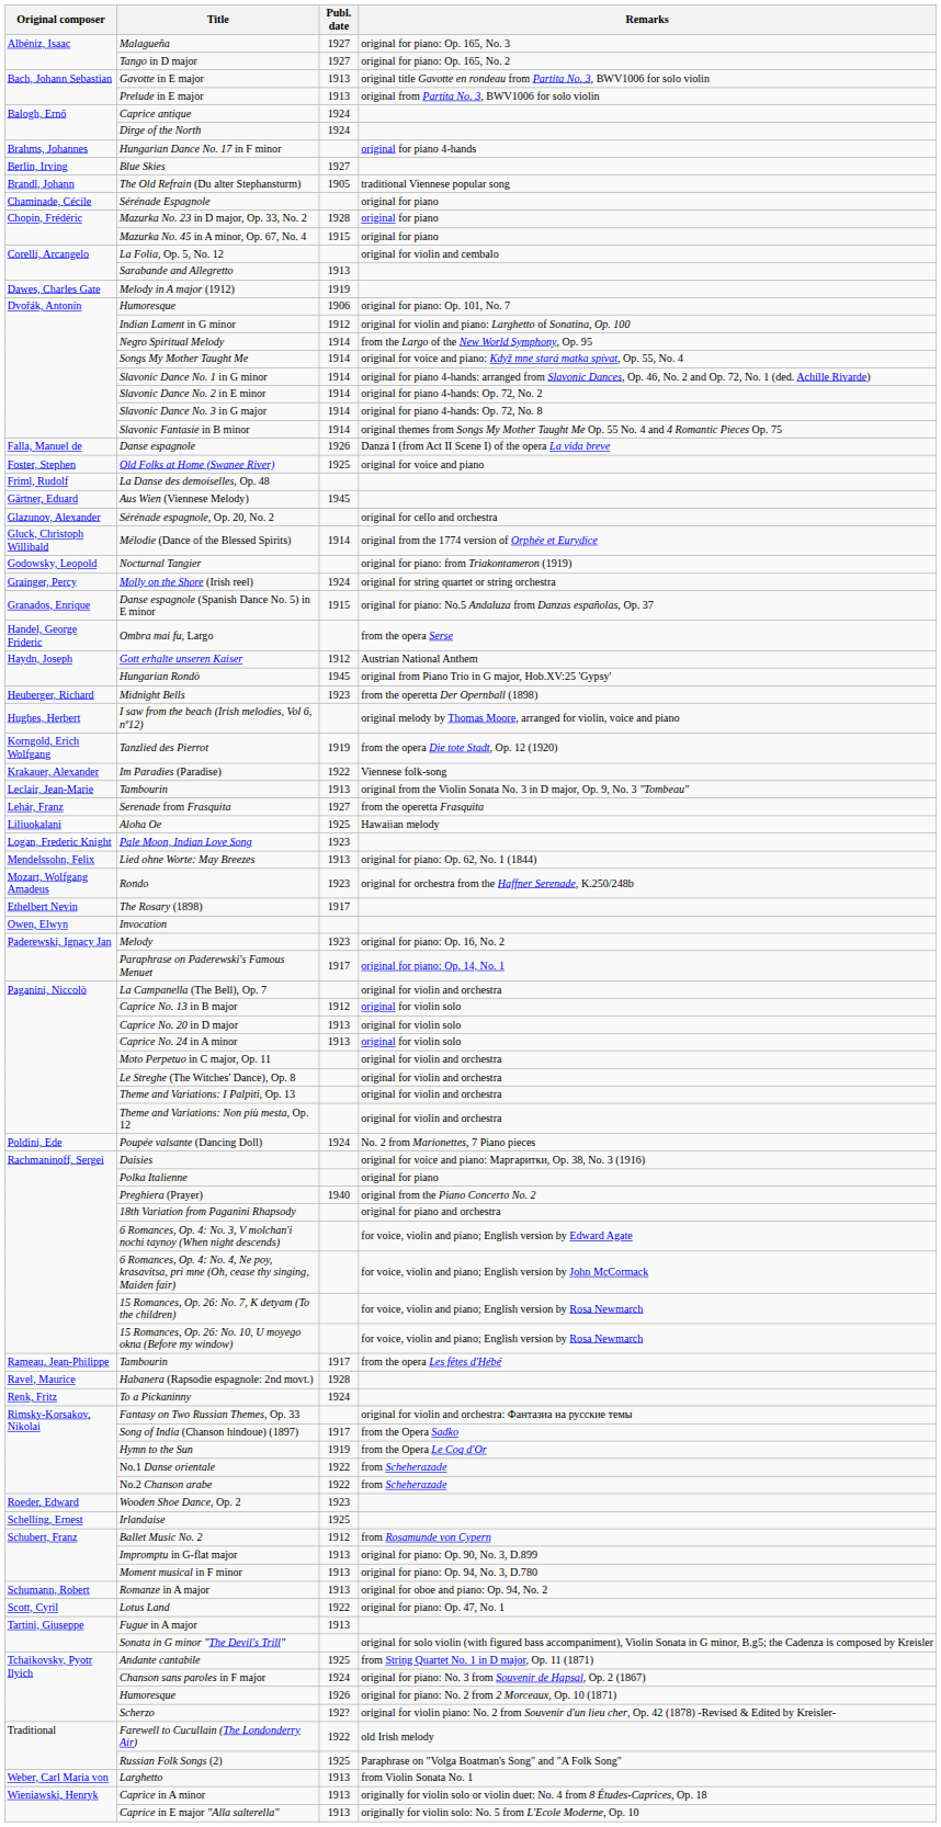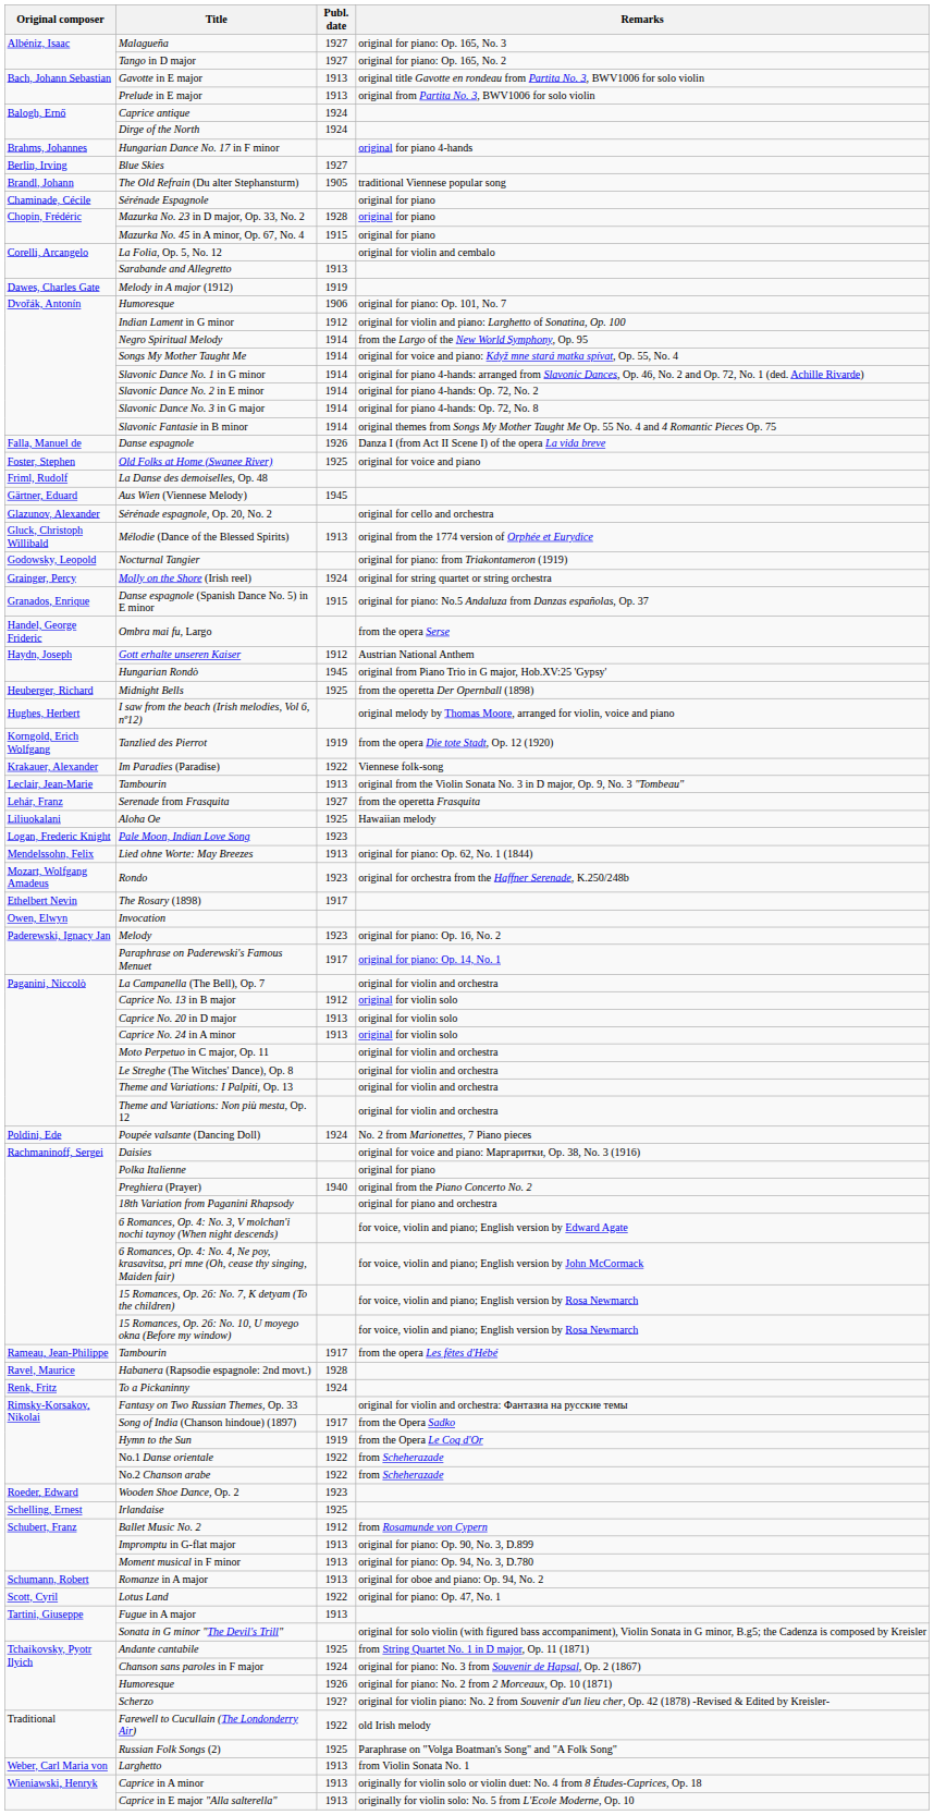 <table class="wikitable sortable" style="margins:auto; width=95%;">
 <tr>
 <th width="155">Original composer</th>
 <th width="285">Title</th>
 <th width="50">Publ.<br>date</th>
 <th>Remarks</th>
 </tr>
 <tr>
 <td valign="top" rowspan="2"><a href='#'>Albéniz, Isaac</a></td>
 <td><em>Malagueña</em></td>
 <td align=center>1927</td>
 <td>original for piano: Op. 165, No. 3</td>
 </tr>
 <tr>
 <td><em>Tango</em> in D major</td>
 <td align=center>1927</td>
 <td>original for piano: Op. 165, No. 2</td>
 </tr>
 <tr>
 <td valign="top" rowspan="2"><a href='#'>Bach, Johann Sebastian</a></td>
 <td><em>Gavotte</em> in E major</td>
 <td align=center>1913</td>
 <td>original title <em>Gavotte en rondeau</em> from <em><a href='#'>Partita No. 3</a></em>, BWV1006 for solo violin</td>
 </tr>
 <tr>
 <td><em>Prelude</em> in E major</td>
 <td align=center>1913</td>
 <td>original from <em><a href='#'>Partita No. 3</a></em>, BWV1006 for solo violin</td>
 </tr>
 <tr>
 <td valign="top" rowspan="2"><a href='#'>Balogh, Ernő</a></td>
 <td><em>Caprice antique</em></td>
 <td align=center>1924</td>
 <td> </td>
 </tr>
 <tr>
 <td><em>Dirge of the North</em></td>
 <td align=center>1924</td>
 <td> </td>
 </tr>
 <tr>
 <td><a href='#'>Brahms, Johannes</a></td>
 <td><em>Hungarian Dance No. 17</em> in F minor</td>
 <td align=center> </td>
 <td><a href='#'>original</a> for piano 4-hands</td>
 </tr>
 <tr>
 <td><a href='#'>Berlin, Irving</a></td>
 <td><em>Blue Skies</em></td>
 <td align=center>1927</td>
 <td> </td>
 </tr>
 <tr>
 <td><a href='#'>Brandl, Johann</a></td>
 <td><em>The Old Refrain</em> (Du alter Stephansturm)</td>
 <td align=center>1905</td>
 <td>traditional Viennese popular song</td>
 </tr>
 <tr>
 <td><a href='#'>Chaminade, Cécile</a></td>
 <td><em>Sérénade Espagnole</em></td>
 <td align=center> </td>
 <td>original for piano</td>
 </tr>
 <tr>
 <td valign="top" rowspan="2"><a href='#'>Chopin, Frédéric</a></td>
 <td><em>Mazurka No. 23</em> in D major, Op. 33, No. 2</td>
 <td align=center>1928</td>
 <td><a href='#'>original</a> for piano</td>
 </tr>
 <tr>
 <td><em>Mazurka No. 45</em> in A minor, Op. 67, No. 4</td>
 <td align=center>1915</td>
 <td>original for piano</td>
 </tr>
 <tr>
 <td valign="top" rowspan="2"><a href='#'>Corelli, Arcangelo</a></td>
 <td><em>La Folia</em>, Op. 5, No. 12</td>
 <td align=center> </td>
 <td>original for violin and cembalo</td>
 </tr>
 <tr>
 <td><em>Sarabande and Allegretto</em></td>
 <td align=center>1913</td>
 <td> </td>
 </tr>
 <tr>
 <td><a href='#'>Dawes, Charles Gate</a></td>
 <td><em>Melody in A major</em> (1912)</td>
 <td align=center>1919</td>
 <td> </td>
 </tr>
 <tr>
 <td valign="top" rowspan="8"><a href='#'>Dvořák, Antonín</a></td>
 <td><em>Humoresque</em></td>
 <td align=center>1906</td>
 <td>original for piano: Op. 101, No. 7</td>
 </tr>
 <tr>
 <td><em>Indian Lament</em> in G minor</td>
 <td align=center>1912</td>
 <td>original  for violin and piano: <em>Larghetto</em> of <em>Sonatina, Op. 100</em></td>
 </tr>
 <tr>
 <td><em>Negro Spiritual Melody</em></td>
 <td align=center>1914</td>
 <td>from the <em>Largo</em> of the <em><a href='#'>New World Symphony</a></em>, Op. 95</td>
 </tr>
 <tr>
 <td><em>Songs My Mother Taught Me</em></td>
 <td align=center>1914</td>
 <td>original for voice and piano: <em><a href='#'>Když mne stará matka spívat</a></em>, Op. 55, No. 4</td>
 </tr>
 <tr>
 <td><em>Slavonic Dance No. 1</em> in G minor</td>
 <td align=center>1914</td>
 <td>original for piano 4-hands: arranged from <em><a href='#'>Slavonic Dances</a></em>, Op. 46, No. 2 and Op. 72, No. 1 (ded. <a href='#'>Achille Rivarde</a>)</td>
 </tr>
 <tr>
 <td><em>Slavonic Dance No. 2</em> in E minor</td>
 <td align=center>1914</td>
 <td>original for piano 4-hands: Op. 72, No. 2</td>
 </tr>
 <tr>
 <td><em>Slavonic Dance No. 3</em> in G major</td>
 <td align=center>1914</td>
 <td>original for piano 4-hands: Op. 72, No. 8</td>
 </tr>
 <tr>
 <td><em>Slavonic Fantasie</em> in B minor</td>
 <td align=center>1914</td>
 <td>original themes from <em>Songs My Mother Taught Me</em> Op. 55 No. 4 and <em>4 Romantic Pieces</em> Op. 75</td>
 </tr>
 <tr>
 <td><a href='#'>Falla, Manuel de</a></td>
 <td><em>Danse espagnole</em></td>
 <td align=center>1926</td>
 <td>Danza I (from Act II Scene I) of the opera <em><a href='#'>La vida breve</a></em></td>
 </tr>
 <tr>
 <td><a href='#'>Foster, Stephen</a></td>
 <td><em><a href='#'>Old Folks at Home (Swanee River)</a></em></td>
 <td align=center>1925</td>
 <td>original for voice and piano</td>
 </tr>
 <tr>
 <td><a href='#'>Friml, Rudolf</a></td>
 <td><em>La Danse des demoiselles</em>, Op. 48</td>
 <td align=center> </td>
 <td> </td>
 </tr>
 <tr>
 <td><a href='#'>Gärtner, Eduard</a></td>
 <td><em>Aus Wien</em> (Viennese Melody)</td>
 <td align=center>1945</td>
 <td> </td>
 </tr>
 <tr>
 <td><a href='#'>Glazunov, Alexander</a></td>
 <td><em>Sérénade espagnole</em>, Op. 20, No. 2</td>
 <td align=center> </td>
 <td>original for cello and orchestra</td>
 </tr>
 <tr>
 <td><a href='#'>Gluck, Christoph Willibald</a></td>
 <td><em>Mélodie</em> (Dance of the Blessed Spirits)</td>
-<td align=center>1914</td>
+<td align=center>1913</td>
 <td>original from the 1774 version of <em><a href='#'>Orphée et Eurydice</a></em></td>
 </tr>
 <tr>
 <td><a href='#'>Godowsky, Leopold</a></td>
 <td><em>Nocturnal Tangier</em></td>
 <td align=center> </td>
 <td>original for piano: from <em>Triakontameron</em> (1919)</td>
 </tr>
 <tr>
 <td><a href='#'>Grainger, Percy</a></td>
 <td><em><a href='#'>Molly on the Shore</a></em> (Irish reel)</td>
 <td align=center>1924</td>
 <td>original for string quartet or string orchestra</td>
 </tr>
 <tr>
 <td><a href='#'>Granados, Enrique</a></td>
 <td><em>Danse espagnole</em> (Spanish Dance No. 5) in E minor</td>
 <td align=center>1915</td>
 <td>original for piano: No.5 <em>Andaluza</em> from <em>Danzas españolas</em>, Op. 37</td>
 </tr>
 <tr>
 <td><a href='#'>Handel, George Frideric</a></td>
 <td><em>Ombra mai fu</em>, Largo</td>
 <td align=center> </td>
 <td>from the opera <em><a href='#'>Serse</a></em></td>
 </tr>
 <tr>
 <td valign="top" rowspan="2"><a href='#'>Haydn, Joseph</a></td>
 <td><em><a href='#'>Gott erhalte unseren Kaiser</a></em></td>
 <td align=center>1912</td>
 <td>Austrian National Anthem</td>
 </tr>
 <tr>
 <td><em>Hungarian Rondò</em></td>
 <td align=center>1945</td>
 <td>original from Piano Trio in G major, Hob.XV:25 'Gypsy'</td>
 </tr>
 <tr>
 <td><a href='#'>Heuberger, Richard</a></td>
 <td><em>Midnight Bells</em></td>
-<td align=center>1923</td>
+<td align=center>1925</td>
 <td>from the operetta <em>Der Opernball</em> (1898)</td>
 </tr>
 <tr>
 <td><a href='#'>Hughes, Herbert</a></td>
 <td><em>I saw from the beach (Irish melodies, Vol 6, nº12)</em></td>
 <td align=center> </td>
 <td>original melody by <a href='#'>Thomas Moore</a>, arranged for violin, voice and piano</td>
 </tr>
 <tr>
 <td><a href='#'>Korngold, Erich Wolfgang</a></td>
 <td><em>Tanzlied des Pierrot</em></td>
 <td align=center>1919</td>
 <td>from the opera <em><a href='#'>Die tote Stadt</a></em>, Op. 12 (1920)</td>
 </tr>
 <tr>
 <td><a href='#'>Krakauer, Alexander</a></td>
 <td><em>Im Paradies</em> (Paradise)</td>
 <td align=center>1922</td>
 <td>Viennese folk-song</td>
 </tr>
 <tr>
 <td><a href='#'>Leclair, Jean-Marie</a></td>
 <td><em>Tambourin</em></td>
 <td align=center>1913</td>
 <td>original from the Violin Sonata No. 3 in D major, Op. 9, No. 3 <em>"Tombeau"</em></td>
 </tr>
 <tr>
 <td><a href='#'>Lehár, Franz</a></td>
 <td><em>Serenade</em> from <em>Frasquita</em></td>
 <td align=center>1927</td>
 <td>from the operetta <em>Frasquita</em></td>
 </tr>
 <tr>
 <td><a href='#'>Liliuokalani</a></td>
 <td><em>Aloha Oe</em></td>
 <td align=center>1925</td>
 <td>Hawaiian melody</td>
 </tr>
 <tr>
 <td><a href='#'>Logan, Frederic Knight</a></td>
 <td><em><a href='#'>Pale Moon, Indian Love Song</a></em></td>
 <td align=center>1923</td>
 <td> </td>
 </tr>
 <tr>
 <td><a href='#'>Mendelssohn, Felix</a></td>
 <td><em>Lied ohne Worte: May Breezes</em></td>
 <td align=center>1913</td>
 <td>original for piano: Op. 62, No. 1 (1844)</td>
 </tr>
 <tr>
 <td><a href='#'>Mozart, Wolfgang Amadeus</a></td>
 <td><em>Rondo</em></td>
 <td align=center>1923</td>
 <td>original for orchestra from the <em><a href='#'>Haffner Serenade</a></em>, K.250/248b</td>
 </tr>
 <tr>
 <td><a href='#'>Ethelbert Nevin</a></td>
 <td><em>The Rosary</em> (1898)</td>
 <td align=center>1917</td>
 <td> </td>
 </tr>
 <tr>
 <td><a href='#'>Owen, Elwyn</a></td>
 <td><em>Invocation</em></td>
 <td align=center> </td>
 <td> </td>
 </tr>
 <tr>
 <td valign="top" rowspan="2"><a href='#'>Paderewski, Ignacy Jan</a></td>
 <td><em>Melody</em></td>
 <td align=center>1923</td>
 <td>original for piano: Op. 16, No. 2</td>
 </tr>
 <tr>
 <td><em>Paraphrase on Paderewski's Famous Menuet</em></td>
 <td align=center>1917</td>
 <td><a href='#'>original for piano: Op. 14, No. 1</a></td>
 </tr>
 <tr>
 <td valign="top" rowspan="8"><a href='#'>Paganini, Niccolò</a></td>
 <td><em>La Campanella</em> (The Bell), Op. 7</td>
 <td align=center> </td>
 <td>original for violin and orchestra</td>
 </tr>
 <tr>
 <td><em>Caprice No. 13</em> in B major</td>
 <td align=center>1912</td>
 <td><a href='#'>original</a> for violin solo</td>
 </tr>
 <tr>
 <td><em>Caprice No. 20</em> in D major</td>
 <td align=center>1913</td>
 <td>original for violin solo</td>
 </tr>
 <tr>
 <td><em>Caprice No. 24</em> in A minor</td>
 <td align=center>1913</td>
 <td><a href='#'>original</a> for violin solo</td>
 </tr>
 <tr>
 <td><em>Moto Perpetuo</em> in C major, Op. 11</td>
 <td align=center> </td>
 <td>original for violin and orchestra</td>
 </tr>
 <tr>
 <td><em>Le Streghe</em> (The Witches' Dance), Op. 8</td>
 <td align=center> </td>
 <td>original for violin and orchestra</td>
 </tr>
 <tr>
 <td><em>Theme and Variations: I Palpiti</em>, Op. 13</td>
 <td align=center> </td>
 <td>original for violin and orchestra</td>
 </tr>
 <tr>
 <td><em>Theme and Variations: Non più mesta</em>, Op. 12</td>
 <td align=center> </td>
 <td>original for violin and orchestra</td>
 </tr>
 <tr>
 <td><a href='#'>Poldini, Ede</a></td>
 <td><em>Poupée valsante</em> (Dancing Doll)</td>
 <td align=center>1924</td>
 <td>No. 2 from <em>Marionettes</em>, 7 Piano pieces</td>
 </tr>
 <tr>
 <td valign="top" rowspan="8"><a href='#'>Rachmaninoff, Sergei</a></td>
 <td><em>Daisies</em></td>
 <td align=center> </td>
 <td>original for voice and piano: Маргаритки, Op. 38, No. 3 (1916)</td>
 </tr>
 <tr>
 <td><em>Polka Italienne</em></td>
 <td align=center> </td>
 <td>original for piano</td>
 </tr>
 <tr>
 <td><em>Preghiera</em> (Prayer)</td>
 <td align=center>1940</td>
 <td>original from the <em>Piano Concerto No. 2</em></td>
 </tr>
 <tr>
 <td><em>18th Variation from Paganini Rhapsody</em></td>
 <td align=center> </td>
 <td>original for piano and orchestra</td>
 </tr>
 <tr>
 <td><em>6 Romances, Op. 4: No. 3, V molchan'i nochi taynoy (When night descends)</em></td>
 <td align=center> </td>
 <td>for voice, violin and piano; English version by <a href='#'>Edward Agate</a></td>
 </tr>
 <tr>
 <td><em>6 Romances, Op. 4: No. 4, Ne poy, krasavitsa, pri mne (Oh, cease thy singing, Maiden fair)</em></td>
 <td align=center> </td>
 <td>for voice, violin and piano; English version by <a href='#'>John McCormack</a></td>
 </tr>
 <tr>
 <td><em>15 Romances, Op. 26: No. 7, K detyam (To the children)</em></td>
 <td align=center> </td>
 <td>for voice, violin and piano; English version by <a href='#'>Rosa Newmarch</a></td>
 </tr>
 <tr>
 <td><em>15 Romances, Op. 26: No. 10, U moyego okna (Before my window)</em></td>
 <td align=center> </td>
 <td>for voice, violin and piano; English version by <a href='#'>Rosa Newmarch</a></td>
 </tr>
 <tr>
 <td><a href='#'>Rameau, Jean-Philippe</a></td>
 <td><em>Tambourin</em></td>
 <td align=center>1917</td>
 <td>from the opera <em><a href='#'>Les fêtes d'Hébé</a></em></td>
 </tr>
 <tr>
 <td><a href='#'>Ravel, Maurice</a></td>
 <td><em>Habanera</em> (Rapsodie espagnole: 2nd movt.)</td>
 <td align=center>1928</td>
 <td> </td>
 </tr>
 <tr>
 <td><a href='#'>Renk, Fritz</a></td>
 <td><em>To a Pickaninny</em></td>
 <td align=center>1924</td>
 <td> </td>
 </tr>
 <tr>
 <td valign="top" rowspan="5"><a href='#'>Rimsky-Korsakov, Nikolai</a></td>
 <td><em>Fantasy on Two Russian Themes</em>, Op. 33</td>
 <td align=center> </td>
 <td>original for violin and orchestra: Фантазиа на русские темы</td>
 </tr>
 <tr>
 <td><em>Song of India</em> (Chanson hindoue) (1897)</td>
 <td align=center>1917</td>
 <td>from the Opera <em><a href='#'>Sadko</a></em></td>
 </tr>
 <tr>
 <td><em>Hymn to the Sun</em></td>
 <td align=center>1919</td>
 <td>from the Opera <em><a href='#'>Le Coq d'Or</a></em></td>
 </tr>
 <tr>
 <td>No.1 <em>Danse orientale</em></td>
 <td align=center>1922</td>
 <td>from <em><a href='#'>Scheherazade</a></em></td>
 </tr>
 <tr>
 <td>No.2 <em>Chanson arabe</em></td>
 <td align=center>1922</td>
 <td>from <em><a href='#'>Scheherazade</a></em></td>
 </tr>
 <tr>
 <td><a href='#'>Roeder, Edward</a></td>
 <td><em>Wooden Shoe Dance</em>, Op. 2</td>
 <td align=center>1923</td>
 <td> </td>
 </tr>
 <tr>
 <td><a href='#'>Schelling, Ernest</a></td>
 <td><em>Irlandaise</em></td>
 <td align=center>1925</td>
 <td> </td>
 </tr>
 <tr>
 <td valign="top" rowspan="3"><a href='#'>Schubert, Franz</a></td>
 <td><em>Ballet Music No. 2</em></td>
 <td align=center>1912</td>
 <td>from <em><a href='#'>Rosamunde von Cypern</a></em></td>
 </tr>
 <tr>
 <td><em>Impromptu</em> in G-flat major</td>
 <td align=center>1913</td>
 <td>original for piano: Op. 90, No. 3, D.899</td>
 </tr>
 <tr>
 <td><em>Moment musical</em> in F minor</td>
 <td align=center>1913</td>
 <td>original for piano: Op. 94, No. 3, D.780</td>
 </tr>
 <tr>
 <td><a href='#'>Schumann, Robert</a></td>
 <td><em>Romanze</em> in A major</td>
 <td align=center>1913</td>
 <td>original for oboe and piano: Op. 94, No. 2</td>
 </tr>
 <tr>
 <td><a href='#'>Scott, Cyril</a></td>
 <td><em>Lotus Land</em></td>
 <td align=center>1922</td>
 <td>original for piano: Op. 47, No. 1</td>
 </tr>
 <tr>
 <td valign="top" rowspan="2"><a href='#'>Tartini, Giuseppe</a></td>
 <td><em>Fugue</em> in A major</td>
 <td align=center>1913</td>
 <td> </td>
 </tr>
 <tr>
 <td><em>Sonata in G minor "<a href='#'>The Devil's Trill</a>"</em></td>
 <td align=center> </td>
 <td>original for solo violin (with figured bass accompaniment), Violin Sonata in G minor, B.g5; the Cadenza is composed by Kreisler</td>
 </tr>
 <tr>
 <td valign="top" rowspan="4"><a href='#'>Tchaikovsky, Pyotr Ilyich</a></td>
 <td><em>Andante cantabile</em></td>
 <td align=center>1925</td>
 <td>from <a href='#'>String Quartet No. 1 in D major</a>, Op. 11 (1871)</td>
 </tr>
 <tr>
 <td><em>Chanson sans paroles</em> in F major</td>
 <td align=center>1924</td>
 <td>original for piano: No. 3 from <em><a href='#'>Souvenir de Hapsal</a></em>, Op. 2 (1867)</td>
 </tr>
 <tr>
 <td><em>Humoresque</em></td>
 <td align=center>1926</td>
 <td>original for piano: No. 2 from <em>2 Morceaux</em>, Op. 10 (1871)</td>
 </tr>
 <tr>
 <td><em>Scherzo</em></td>
 <td align=center>192?</td>
 <td>original for violin piano: No. 2 from <em>Souvenir d'un lieu cher</em>, Op. 42 (1878) -Revised & Edited by Kreisler-</td>
 </tr>
 <tr>
 <td valign="top" rowspan="2">Traditional</td>
 <td><em>Farewell to Cucullain (<a href='#'>The Londonderry Air</a>)</em></td>
 <td align=center>1922</td>
 <td>old Irish melody</td>
 </tr>
 <tr>
 <td><em>Russian Folk Songs</em> (2)</td>
 <td align=center>1925</td>
 <td>Paraphrase on "Volga Boatman's Song" and "A Folk Song"</td>
 </tr>
 <tr>
 <td><a href='#'>Weber, Carl Maria von</a></td>
 <td><em>Larghetto</em></td>
 <td align=center>1913</td>
 <td>from Violin Sonata No. 1</td>
 </tr>
 <tr>
 <td valign="top" rowspan="2"><a href='#'>Wieniawski, Henryk</a></td>
 <td><em>Caprice</em> in A minor</td>
 <td align=center>1913</td>
 <td>originally for violin solo or violin duet: No. 4 from <em>8 Études-Caprices</em>, Op. 18</td>
 </tr>
 <tr>
 <td><em>Caprice</em> in E major <em>"Alla salterella"</em></td>
 <td align=center>1913</td>
 <td>originally for violin solo: No. 5 from <em>L'Ecole Moderne</em>, Op. 10</td>
 </tr>
 </table>
